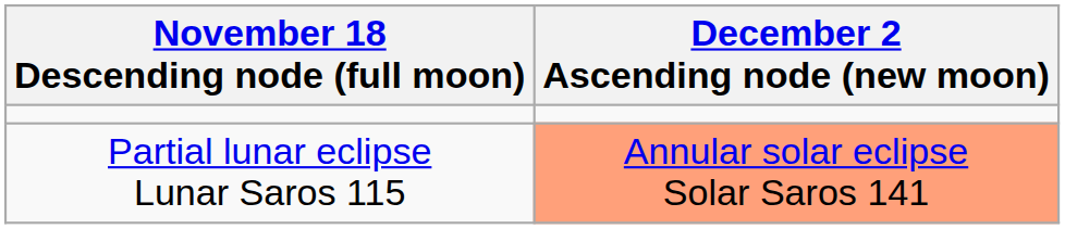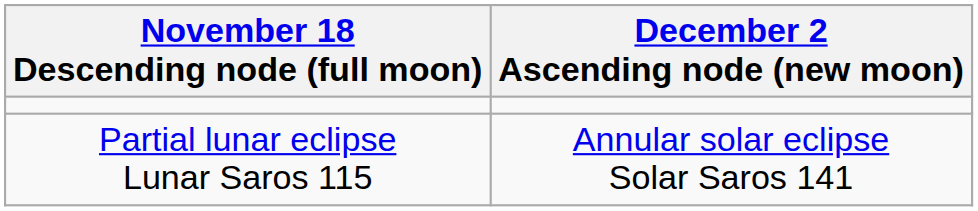 <table class="wikitable">
 <tr>
 <th><a href='#'>November 18</a><br>Descending node (full moon)</th>
 <th><a href='#'>December 2</a><br>Ascending node (new moon)</th>
 </tr>
 <tr>
 <td></td>
 <td></td>
 </tr>
 <tr align=center>
 <td><a href='#'>Partial lunar eclipse</a><br>Lunar Saros 115</td>
-<td style="background: lightsalmon;"><a href='#'>Annular solar eclipse</a><br>Solar Saros 141</td>
+<td><a href='#'>Annular solar eclipse</a><br>Solar Saros 141</td>
 </tr>
 </table>
